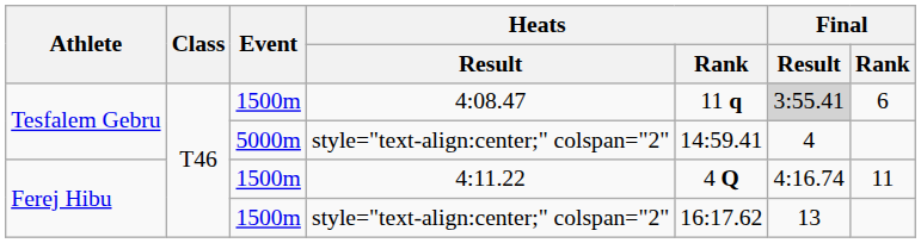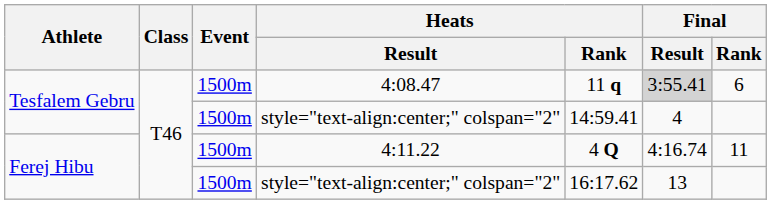 <table class=wikitable style="font-size:90%">
 <tr>
 <th rowspan="2">Athlete</th>
 <th rowspan="2">Class</th>
 <th rowspan="2">Event</th>
 <th colspan="2">Heats</th>
 <th colspan="3">Final</th>
 </tr>
 <tr>
 <th>Result</th>
 <th>Rank</th>
 <th>Result</th>
 <th>Rank</th>
 </tr>
 <tr>
 <td rowspan="2"><a href='#'>Tesfalem Gebru</a></td>
 <td style="text-align:center;" rowspan="4">T46</td>
 <td><a href='#'>1500m</a></td>
 <td style="text-align:center;">4:08.47</td>
 <td style="text-align:center;">11 <strong>q</strong></td>
 <td style="background: lightgrey; text-align:center;">3:55.41</td>
 <td style="text-align:center;">6</td>
 </tr>
 <tr>
-<td><a href='#'>5000m</a></td>
+<td><a href='#'>1500m</a></td>
 <td>style="text-align:center;" colspan="2" </td>
 <td style="text-align:center;">14:59.41</td>
 <td style="text-align:center;">4</td>
 </tr>
 <tr>
 <td rowspan="2"><a href='#'>Ferej Hibu</a></td>
 <td><a href='#'>1500m</a></td>
 <td style="text-align:center;">4:11.22</td>
 <td style="text-align:center;">4 <strong>Q</strong></td>
 <td style="text-align:center;">4:16.74</td>
 <td style="text-align:center;">11</td>
 </tr>
 <tr>
 <td><a href='#'>1500m</a></td>
 <td>style="text-align:center;" colspan="2" </td>
 <td style="text-align:center;">16:17.62</td>
 <td style="text-align:center;">13</td>
 </tr>
 </table>
